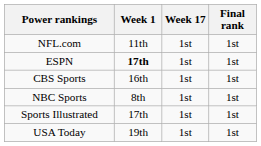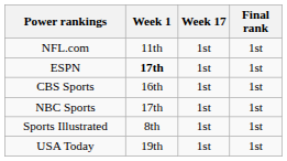 <table class="wikitable" style="text-align:center">
 <tr>
 <th width=150px>Power rankings<br></th>
 <th width=60px>Week 1</th>
 <th width=60px>Week 17</th>
 <th width=60px>Final rank</th>
 </tr>
 <tr>
 <td>NFL.com</td>
 <td>11th</td>
 <td>1st</td>
 <td>1st</td>
 </tr>
 <tr>
 <td>ESPN</td>
 <td><strong>17th</strong></td>
 <td>1st</td>
 <td>1st</td>
 </tr>
 <tr>
 <td>CBS Sports</td>
 <td>16th</td>
 <td>1st</td>
 <td>1st</td>
 </tr>
 <tr>
 <td>NBC Sports</td>
-<td>8th</td>
+<td>17th</td>
 <td>1st</td>
 <td>1st</td>
 </tr>
 <tr>
 <td>Sports Illustrated</td>
-<td>17th</td>
+<td>8th</td>
 <td>1st</td>
 <td>1st</td>
 </tr>
 <tr>
 <td>USA Today</td>
 <td>19th</td>
 <td>1st</td>
 <td>1st</td>
 </tr>
 </table>
